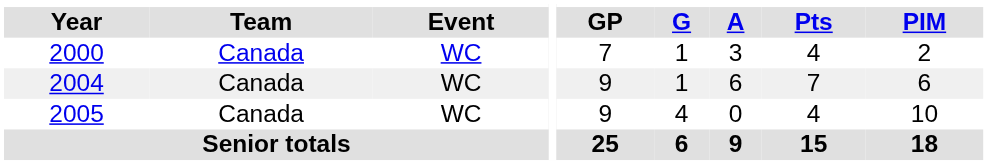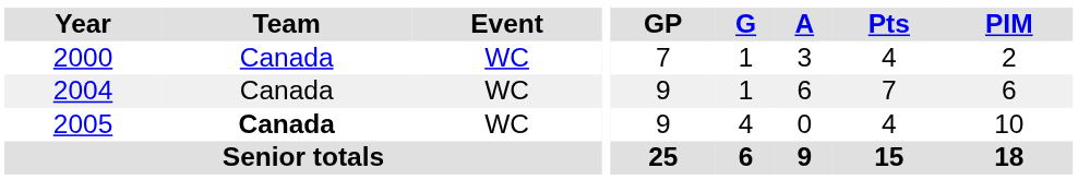 <table border="0" cellpadding="1" cellspacing="0" style="text-align:center; width:40em">
 <tr bgcolor="#e0e0e0">
 <th colspan="3" bgcolor="#ffffff"></th>
 <th rowspan="99" bgcolor="#ffffff"></th>
 </tr>
 <tr bgcolor="#e0e0e0">
 <th>Year</th>
 <th>Team</th>
 <th>Event</th>
 <th>GP</th>
 <th><a href='#'>G</a></th>
 <th><a href='#'>A</a></th>
 <th><a href='#'>Pts</a></th>
 <th><a href='#'>PIM</a></th>
 </tr>
 <tr>
 <td><a href='#'>2000</a></td>
 <td><a href='#'>Canada</a></td>
 <td><a href='#'>WC</a></td>
 <td>7</td>
 <td>1</td>
 <td>3</td>
 <td>4</td>
 <td>2</td>
 </tr>
 <tr bgcolor="#f0f0f0">
 <td><a href='#'>2004</a></td>
 <td>Canada</td>
 <td>WC</td>
 <td>9</td>
 <td>1</td>
 <td>6</td>
 <td>7</td>
 <td>6</td>
 </tr>
 <tr>
 <td><a href='#'>2005</a></td>
-<td>Canada</td>
+<td><strong>Canada</strong></td>
 <td>WC</td>
 <td>9</td>
 <td>4</td>
 <td>0</td>
 <td>4</td>
 <td>10</td>
 </tr>
 <tr>
 </tr>
 <tr bgcolor="#e0e0e0">
 <th colspan="3">Senior totals</th>
 <th>25</th>
 <th>6</th>
 <th>9</th>
 <th>15</th>
 <th>18</th>
 </tr>
 </table>
